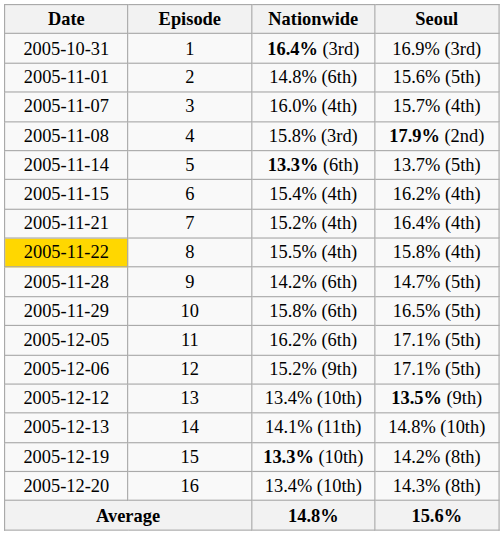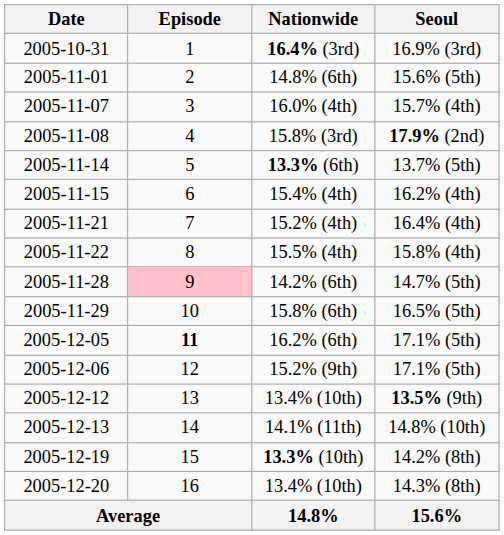 <table class="wikitable">
 <tr>
 <th width=100>Date</th>
 <th width=100>Episode</th>
 <th width=100>Nationwide</th>
 <th width=100>Seoul</th>
 </tr>
 <tr align=center>
 <td>2005-10-31</td>
 <td>1</td>
 <td><span><strong>16.4%</strong></span> (3rd)</td>
 <td>16.9% (3rd)</td>
 </tr>
 <tr align=center>
 <td>2005-11-01</td>
 <td>2</td>
 <td>14.8% (6th)</td>
 <td>15.6% (5th)</td>
 </tr>
 <tr align=center>
 <td>2005-11-07</td>
 <td>3</td>
 <td>16.0% (4th)</td>
 <td>15.7% (4th)</td>
 </tr>
 <tr align=center>
 <td>2005-11-08</td>
 <td>4</td>
 <td>15.8% (3rd)</td>
 <td><span><strong>17.9%</strong></span> (2nd)</td>
 </tr>
 <tr align=center>
 <td>2005-11-14</td>
 <td>5</td>
 <td><span><strong>13.3%</strong></span> (6th)</td>
 <td>13.7% (5th)</td>
 </tr>
 <tr align=center>
 <td>2005-11-15</td>
 <td>6</td>
 <td>15.4% (4th)</td>
 <td>16.2% (4th)</td>
 </tr>
 <tr align=center>
 <td>2005-11-21</td>
 <td>7</td>
 <td>15.2% (4th)</td>
 <td>16.4% (4th)</td>
 </tr>
 <tr align=center>
-<td style="background: gold;">2005-11-22</td>
+<td>2005-11-22</td>
 <td>8</td>
 <td>15.5% (4th)</td>
 <td>15.8% (4th)</td>
 </tr>
 <tr align=center>
 <td>2005-11-28</td>
-<td>9</td>
+<td style="background: pink;">9</td>
 <td>14.2% (6th)</td>
 <td>14.7% (5th)</td>
 </tr>
 <tr align=center>
 <td>2005-11-29</td>
 <td>10</td>
 <td>15.8% (6th)</td>
 <td>16.5% (5th)</td>
 </tr>
 <tr align=center>
 <td>2005-12-05</td>
-<td>11</td>
+<td><strong>11</strong></td>
 <td>16.2% (6th)</td>
 <td>17.1% (5th)</td>
 </tr>
 <tr align=center>
 <td>2005-12-06</td>
 <td>12</td>
 <td>15.2% (9th)</td>
 <td>17.1% (5th)</td>
 </tr>
 <tr align=center>
 <td>2005-12-12</td>
 <td>13</td>
 <td>13.4% (10th)</td>
 <td><span><strong>13.5%</strong></span> (9th)</td>
 </tr>
 <tr align=center>
 <td>2005-12-13</td>
 <td>14</td>
 <td>14.1% (11th)</td>
 <td>14.8% (10th)</td>
 </tr>
 <tr align=center>
 <td>2005-12-19</td>
 <td>15</td>
 <td><span><strong>13.3%</strong></span> (10th)</td>
 <td>14.2% (8th)</td>
 </tr>
 <tr align=center>
 <td>2005-12-20</td>
 <td>16</td>
 <td>13.4% (10th)</td>
 <td>14.3% (8th)</td>
 </tr>
 <tr align="center">
 <th colspan=2>Average</th>
 <th>14.8%</th>
 <th>15.6%</th>
 </tr>
 </table>
